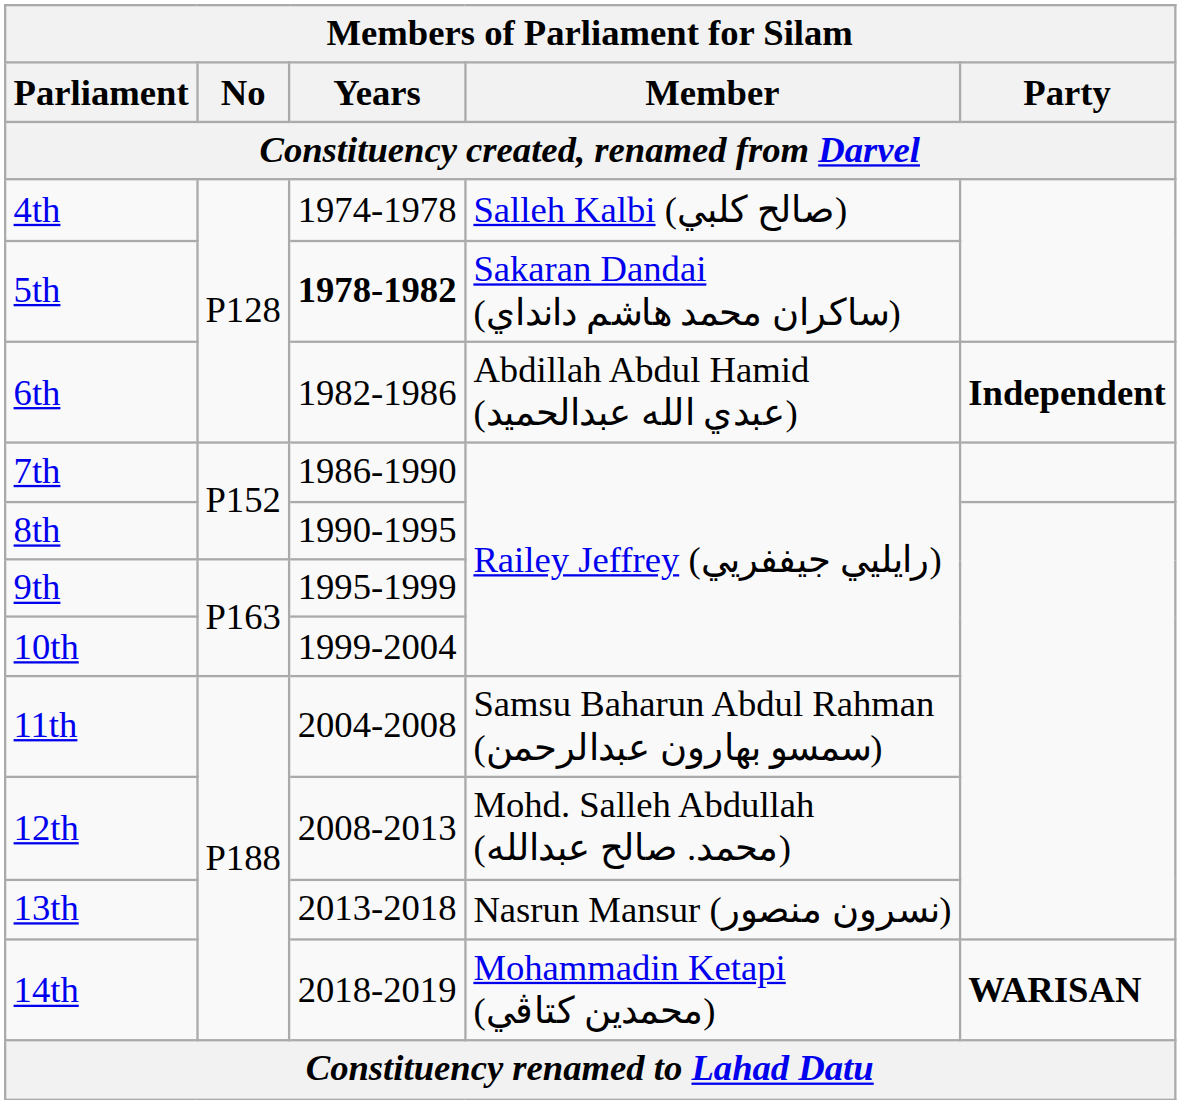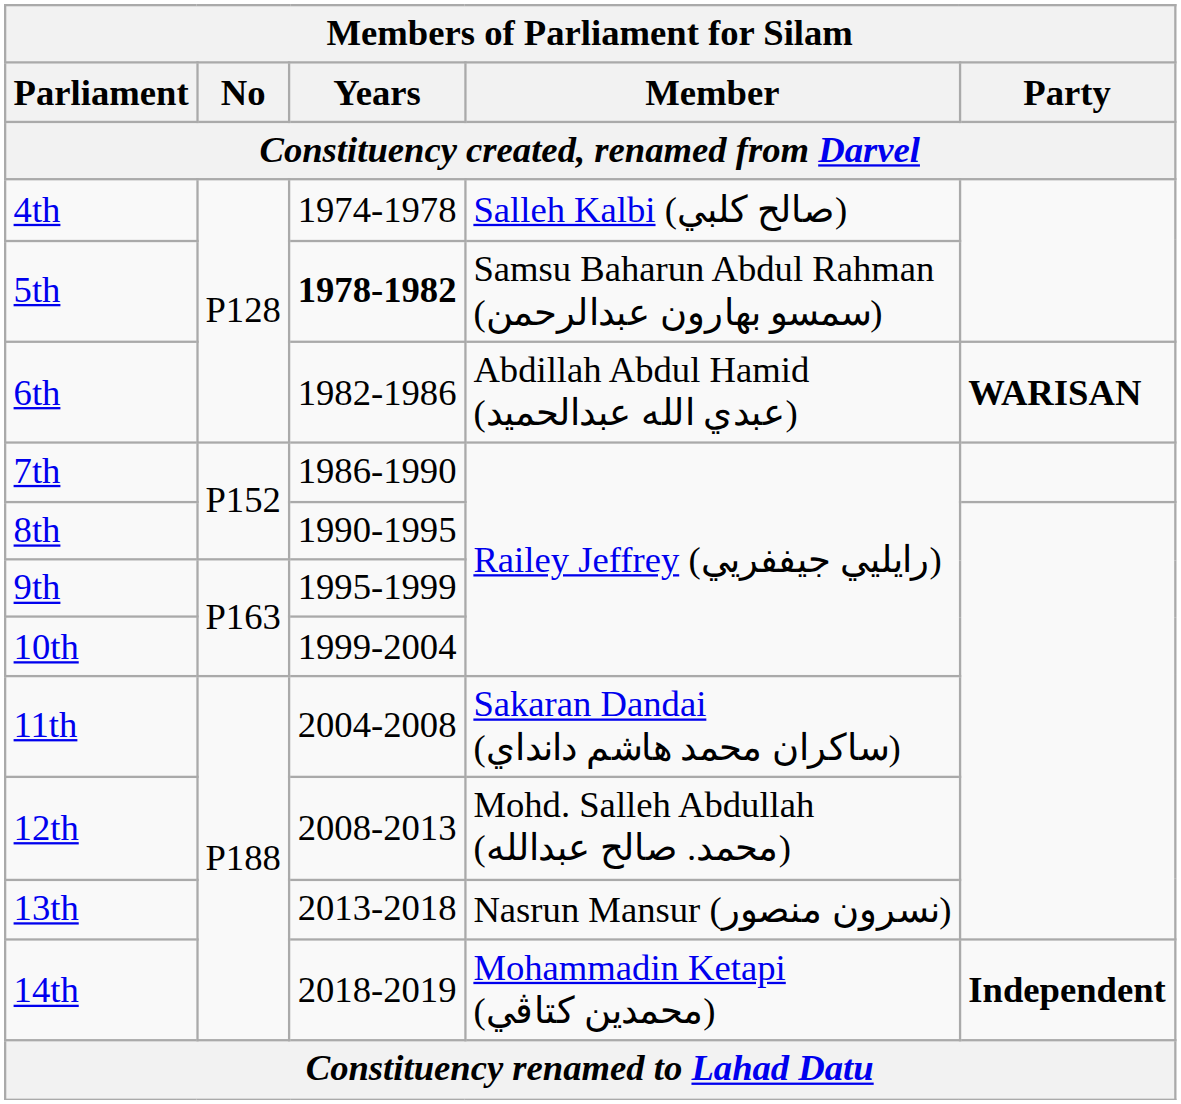 <table class=wikitable>
 <tr>
 <th colspan="5">Members of Parliament for Silam<br></th>
 </tr>
 <tr>
 <th>Parliament</th>
 <th>No</th>
 <th>Years</th>
 <th>Member</th>
 <th>Party</th>
 </tr>
 <tr>
 <th colspan="5" align="center"><em>Constituency created, renamed from <a href='#'>Darvel</a></em></th>
 </tr>
 <tr>
 <td><a href='#'>4th</a></td>
 <td rowspan="3">P128</td>
 <td>1974-1978</td>
 <td><a href='#'>Salleh Kalbi</a> (صالح كلبي)</td>
 <td rowspan=2></td>
 </tr>
 <tr>
 <td><a href='#'>5th</a></td>
 <td><strong>1978-1982</strong></td>
-<td><a href='#'>Sakaran Dandai</a> <br> (ساکران محمد هاشم دانداي)</td>
+<td>Samsu Baharun Abdul Rahman <br> (سمسو بهارون عبدالرحمن)</td>
 </tr>
 <tr>
 <td><a href='#'>6th</a></td>
 <td>1982-1986</td>
 <td>Abdillah Abdul Hamid <br> (عبدي الله عبدالحميد)</td>
-<td><strong>Independent</strong></td>
+<td><strong>WARISAN</strong></td>
 </tr>
 <tr>
 <td><a href='#'>7th</a></td>
 <td rowspan="2">P152</td>
 <td>1986-1990</td>
 <td rowspan=4><a href='#'>Railey Jeffrey</a> (رايليي جيففريي)</td>
 <td></td>
 </tr>
 <tr>
 <td><a href='#'>8th</a></td>
 <td>1990-1995</td>
 <td rowspan="6"></td>
 </tr>
 <tr>
 <td><a href='#'>9th</a></td>
 <td rowspan="2">P163</td>
 <td>1995-1999</td>
 </tr>
 <tr>
 <td><a href='#'>10th</a></td>
 <td>1999-2004</td>
 </tr>
 <tr>
 <td><a href='#'>11th</a></td>
 <td rowspan="4">P188</td>
 <td>2004-2008</td>
-<td>Samsu Baharun Abdul Rahman <br> (سمسو بهارون عبدالرحمن)</td>
+<td><a href='#'>Sakaran Dandai</a> <br> (ساکران محمد هاشم دانداي)</td>
 </tr>
 <tr>
 <td><a href='#'>12th</a></td>
 <td>2008-2013</td>
 <td>Mohd. Salleh Abdullah  <br>(محمد. صالح عبدالله)</td>
 </tr>
 <tr>
 <td><a href='#'>13th</a><br></td>
 <td>2013-2018</td>
 <td>Nasrun Mansur (نسرون منصور)</td>
 </tr>
 <tr>
 <td><a href='#'>14th</a><br></td>
 <td>2018-2019</td>
 <td><a href='#'>Mohammadin Ketapi</a> <br> (محمدين كتاڤي)</td>
-<td><strong>WARISAN</strong></td>
+<td><strong>Independent</strong></td>
 </tr>
 <tr>
 <th colspan="5"><em>Constituency renamed to <a href='#'>Lahad Datu</a></em> </th>
 </tr>
 </table>
